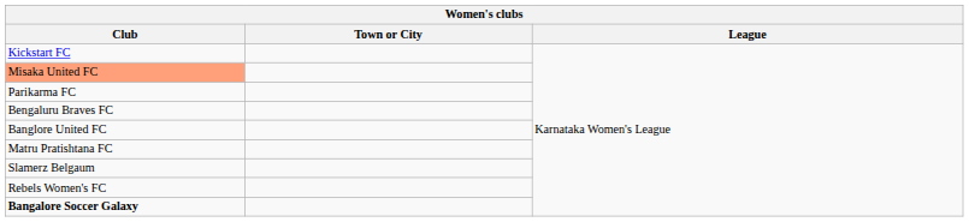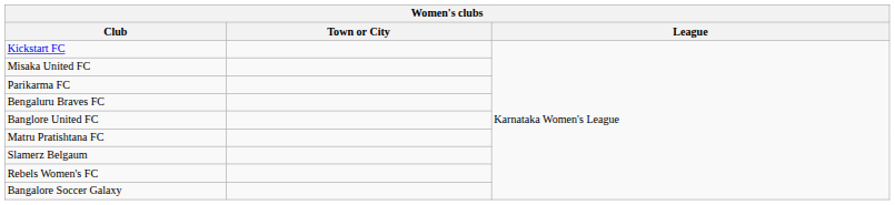 <table class="wikitable sortable" width="100%">
 <tr>
 <th colspan="3">Women's clubs</th>
 </tr>
 <tr>
 <th !width="25%">Club</th>
 <th width="30%">Town or City</th>
 <th width="45%">League</th>
 </tr>
 <tr>
 <td><a href='#'>Kickstart FC</a></td>
 <td></td>
 <td rowspan="9">Karnataka Women's League</td>
 </tr>
 <tr>
-<td style="background: lightsalmon;">Misaka United FC</td>
+<td>Misaka United FC</td>
 <td></td>
 </tr>
 <tr>
 <td>Parikarma FC</td>
 <td></td>
 </tr>
 <tr>
 <td>Bengaluru Braves FC</td>
 <td></td>
 </tr>
 <tr>
 <td>Banglore United FC</td>
 <td></td>
 </tr>
 <tr>
 <td>Matru Pratishtana FC</td>
 <td></td>
 </tr>
 <tr>
 <td>Slamerz Belgaum</td>
 <td></td>
 </tr>
 <tr>
 <td>Rebels Women's FC</td>
 <td></td>
 </tr>
 <tr>
-<td><strong>Bangalore Soccer Galaxy</strong></td>
+<td>Bangalore Soccer Galaxy</td>
 <td></td>
 </tr>
 </table>
